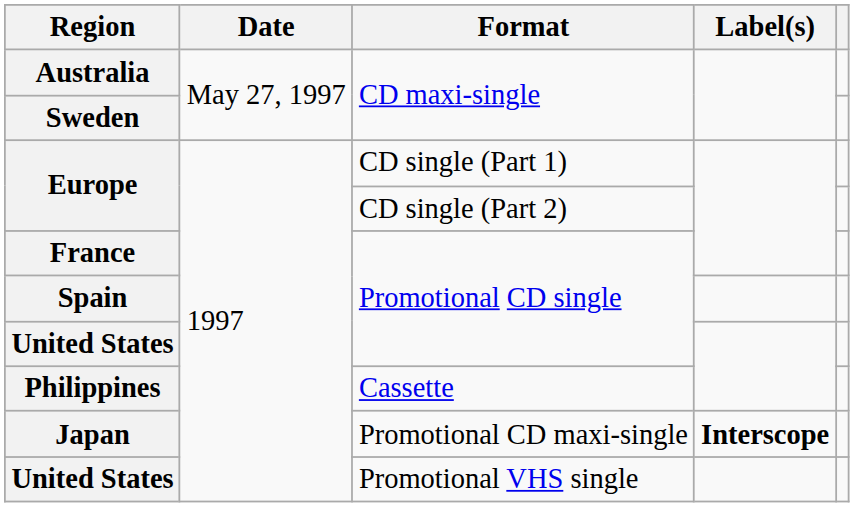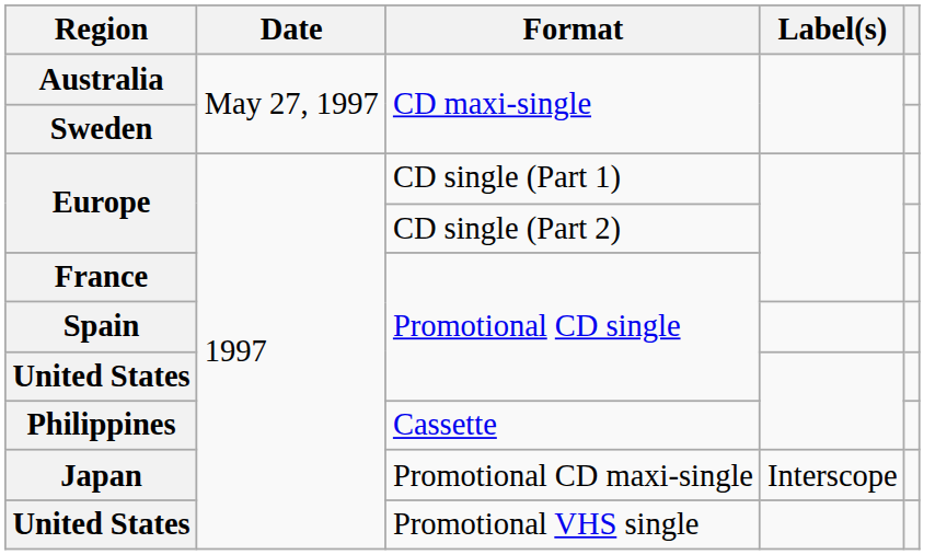 <table class="wikitable plainrowheaders">
 <tr>
 <th scope="col">Region</th>
 <th scope="col">Date</th>
 <th scope="col">Format</th>
 <th scope="col">Label(s)</th>
 <th scope="col"></th>
 </tr>
 <tr>
 <th scope="row">Australia</th>
 <td rowspan="2">May 27, 1997</td>
 <td rowspan="2"><a href='#'>CD maxi-single</a></td>
 <td rowspan="2"></td>
 <td style="text-align:center;"></td>
 </tr>
 <tr>
 <th scope="row">Sweden</th>
 <td style="text-align:center;"></td>
 </tr>
 <tr>
 <th scope="row" rowspan="2">Europe</th>
 <td rowspan="8">1997</td>
 <td>CD single (Part 1)</td>
 <td rowspan="3"></td>
 <td style="text-align:center;"></td>
 </tr>
 <tr>
 <td>CD single (Part 2)</td>
 <td style="text-align:center;"></td>
 </tr>
 <tr>
 <th scope="row">France</th>
 <td rowspan="3"><a href='#'>Promotional</a> <a href='#'>CD single</a></td>
 <td style="text-align:center;"></td>
 </tr>
 <tr>
 <th scope="row">Spain</th>
 <td></td>
 <td style="text-align:center;"></td>
 </tr>
 <tr>
 <th scope="row">United States</th>
 <td rowspan="2"></td>
 <td style="text-align:center;"></td>
 </tr>
 <tr>
 <th scope="row">Philippines</th>
 <td><a href='#'>Cassette</a></td>
 <td style="text-align:center;"></td>
 </tr>
 <tr>
 <th scope="row">Japan</th>
 <td>Promotional CD maxi-single</td>
-<td><strong>Interscope</strong></td>
+<td>Interscope</td>
 <td style="text-align:center;"></td>
 </tr>
 <tr>
 <th scope="row">United States</th>
 <td>Promotional <a href='#'>VHS</a> single</td>
 <td></td>
 <td style="text-align:center;"></td>
 </tr>
 </table>
